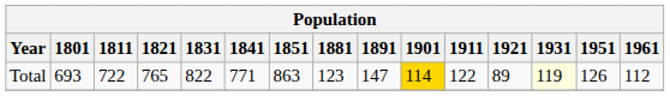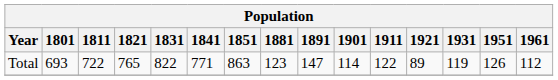 <table class="wikitable" style="margin: 1em auto 1em auto;">
 <tr>
 <th colspan="17">Population</th>
 </tr>
 <tr>
 <th>Year</th>
 <th>1801</th>
 <th>1811</th>
 <th>1821</th>
 <th>1831</th>
 <th>1841</th>
 <th>1851</th>
 <th>1881</th>
 <th>1891</th>
 <th>1901</th>
 <th>1911</th>
 <th>1921</th>
 <th>1931</th>
 <th>1951</th>
 <th>1961</th>
 </tr>
 <tr>
 <td>Total</td>
 <td>693</td>
 <td>722</td>
 <td>765</td>
 <td>822</td>
 <td>771</td>
 <td>863</td>
 <td>123</td>
 <td>147</td>
-<td style="background: gold;">114</td>
+<td>114</td>
 <td>122</td>
 <td>89</td>
-<td style="background: lightyellow;">119</td>
+<td>119</td>
 <td>126</td>
 <td>112</td>
 </tr>
 <tr>
 </tr>
 </table>
